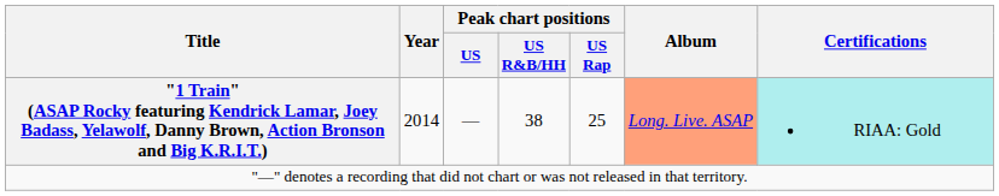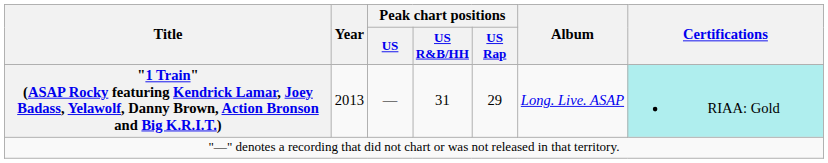 <table class="wikitable plainrowheaders" style="text-align:center;">
 <tr>
 <th scope="col" rowspan="2" style="width:22em;">Title</th>
 <th scope="col" rowspan="2">Year</th>
 <th scope="col" colspan="3">Peak chart positions</th>
 <th scope="col" rowspan="2">Album</th>
 <th scope="col" rowspan="2" style="width:13em;"><a href='#'>Certifications</a></th>
 </tr>
 <tr>
 <th scope="col" style="width:3em;font-size:90%;"><a href='#'>US</a><br></th>
 <th scope="col" style="width:3em;font-size:90%;"><a href='#'>US R&B/HH</a><br></th>
 <th scope="col" style="width:3em;font-size:90%;"><a href='#'>US Rap</a><br></th>
 </tr>
 <tr>
 <th scope="row">"<a href='#'>1 Train</a>"<br><span>(<a href='#'>ASAP Rocky</a> featuring <a href='#'>Kendrick Lamar</a>, <a href='#'>Joey Badass</a>, <a href='#'>Yelawolf</a>, Danny Brown, <a href='#'>Action Bronson</a> and <a href='#'>Big K.R.I.T.</a>)</span></th>
-<td>2014</td>
+<td>2013</td>
 <td>—</td>
-<td>38</td>
-<td>25</td>
-<td style="background: lightsalmon;"><em><a href='#'>Long. Live. ASAP</a></em></td>
+<td>31</td>
+<td>29</td>
+<td><em><a href='#'>Long. Live. ASAP</a></em></td>
 <td style="background: paleturquoise;"><br><ul><li>RIAA: Gold</li></ul></td>
 </tr>
 <tr>
 <td colspan="7" style="font-size:90%">"—" denotes a recording that did not chart or was not released in that territory.</td>
 </tr>
 </table>
